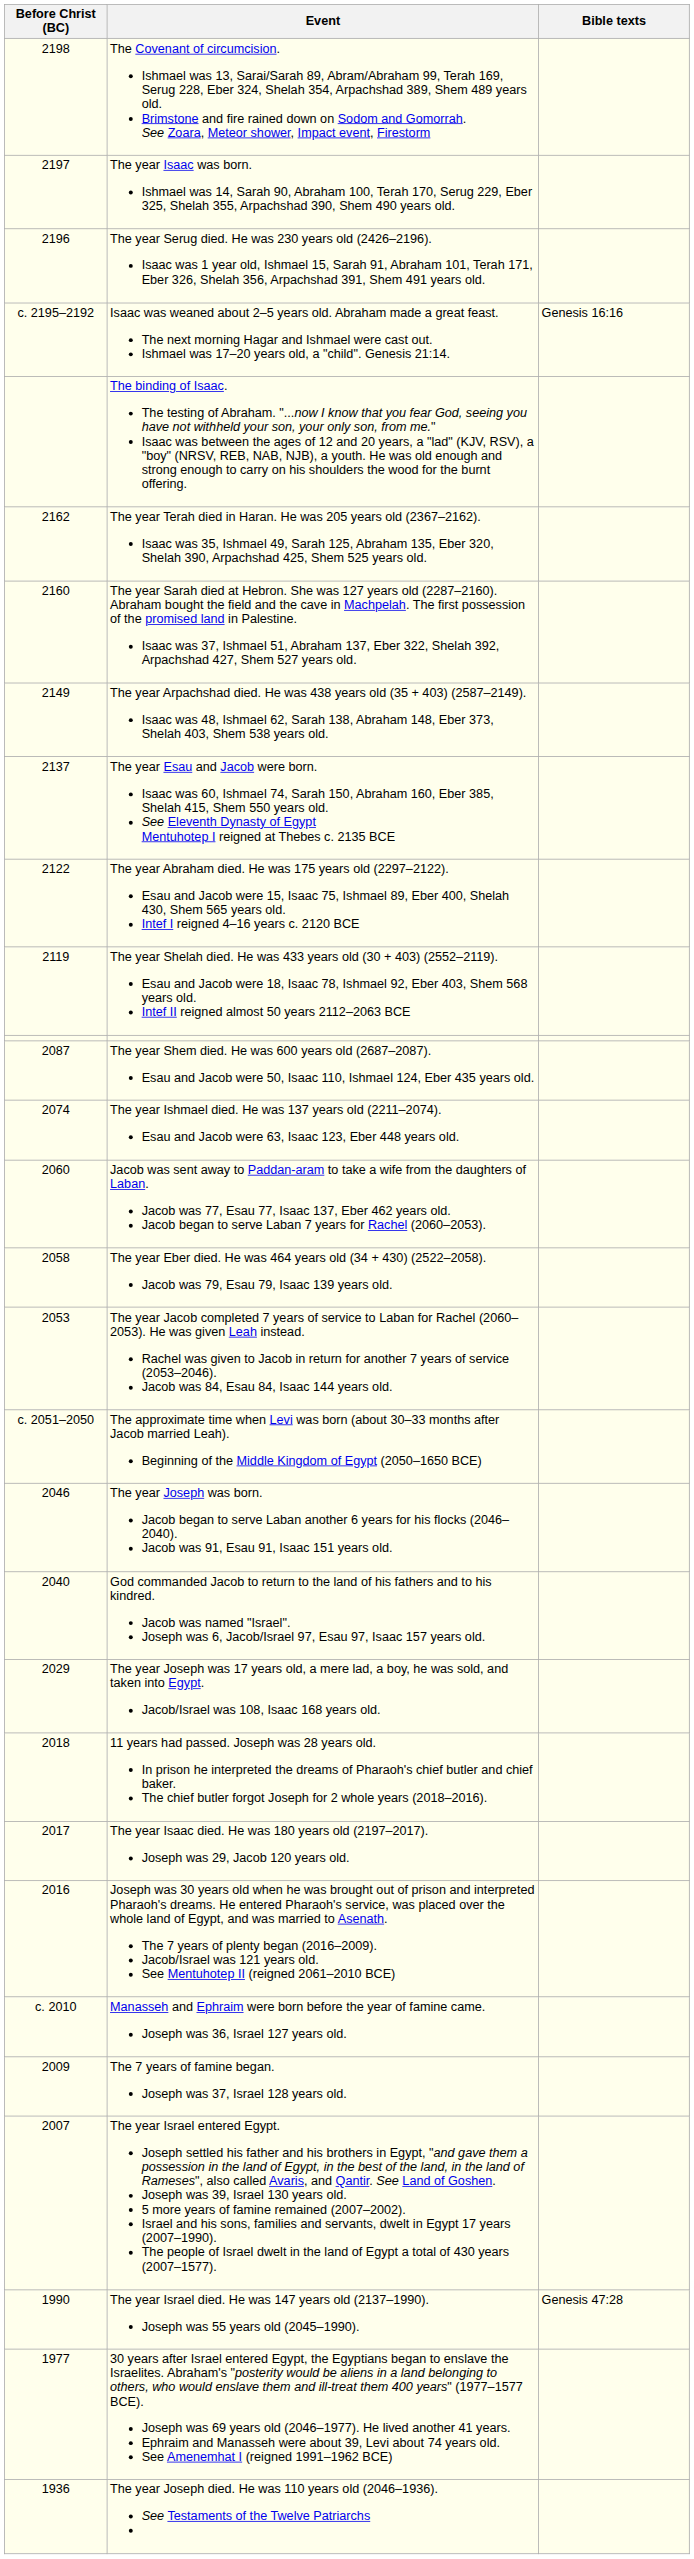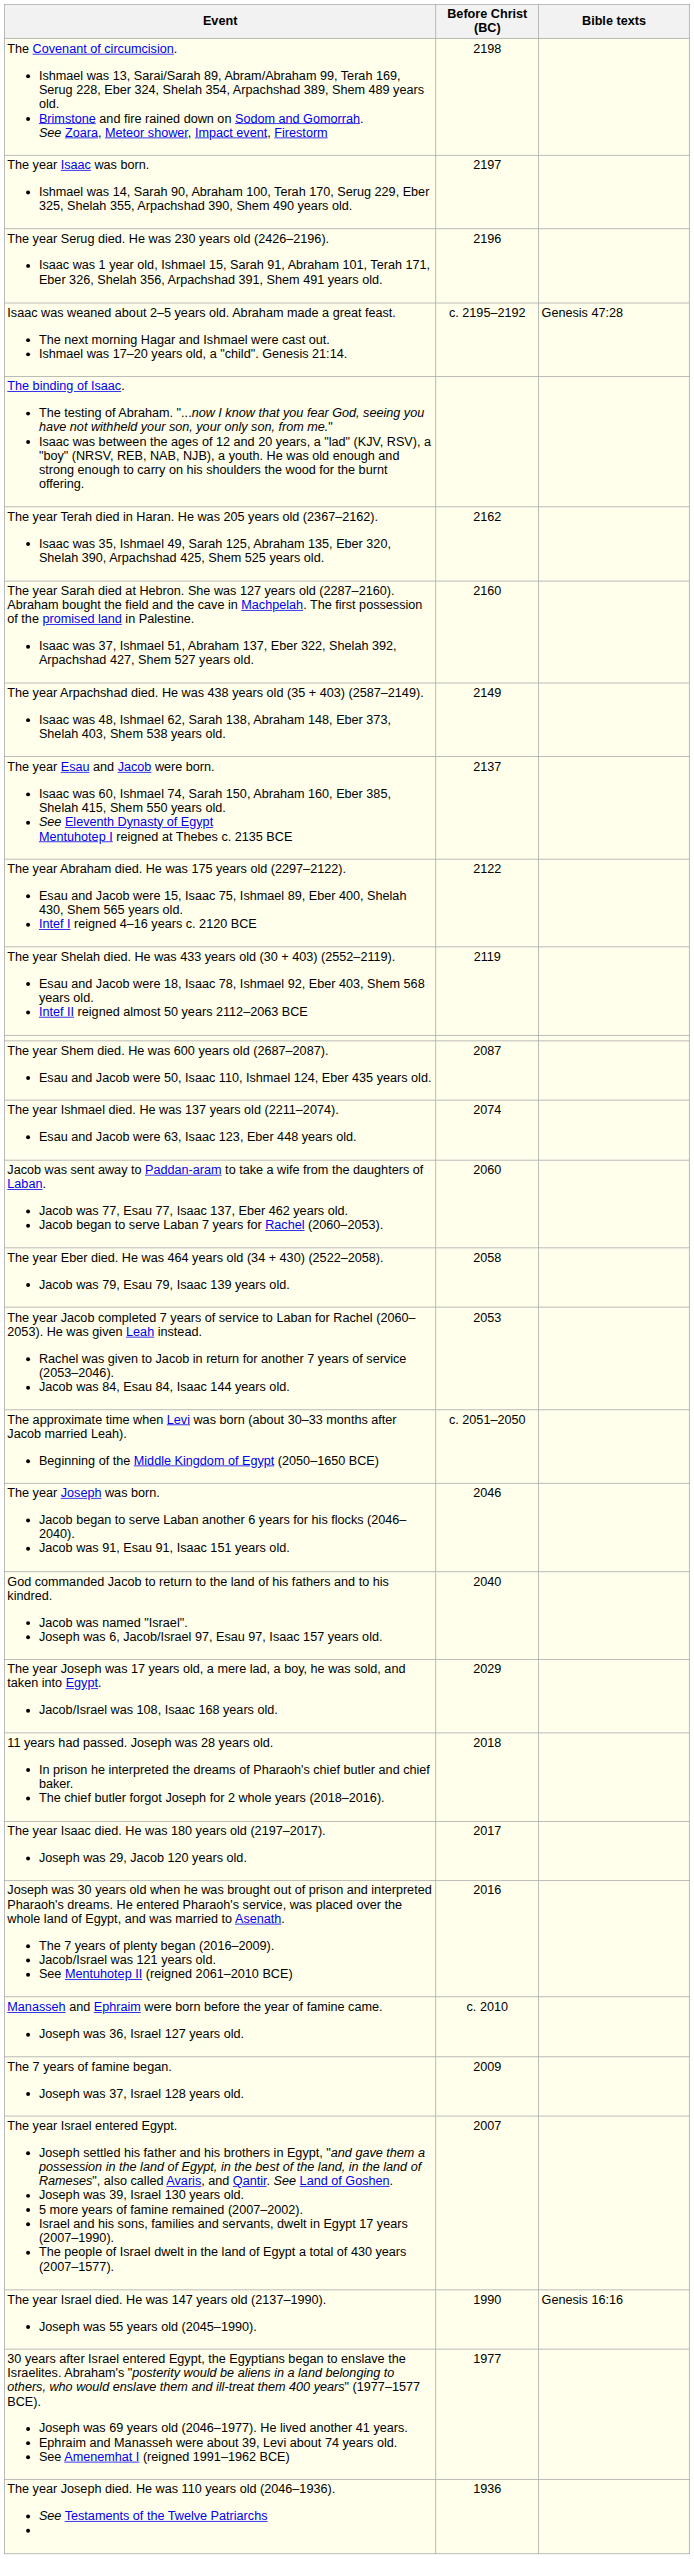 <table class="wikitable" style="align:center;">
 <tr>
+<th style="width:63%;">Event</th>
 <th style="width:15%;">Before Christ<br>(BC)</th>
-<th style="width:63%;">Event</th>
 <th style="width:22%;">Bible texts</th>
 </tr>
 <tr style="text-align:left; background:#ffffec; vertical-align:top;">
+<td>The <a href='#'>Covenant of circumcision</a>.<br><ul><li>Ishmael was 13, Sarai/Sarah 89, Abram/Abraham 99, Terah 169, Serug 228, Eber 324, Shelah 354, Arpachshad 389, Shem 489 years old.</li><li><a href='#'>Brimstone</a> and fire rained down on <a href='#'>Sodom and Gomorrah</a>. <br> <em>See</em> <a href='#'>Zoara</a>, <a href='#'>Meteor shower</a>, <a href='#'>Impact event</a>, <a href='#'>Firestorm</a></li></ul></td>
 <td style="text-align:center;">2198 <br> </td>
-<td>The <a href='#'>Covenant of circumcision</a>.<br><ul><li>Ishmael was 13, Sarai/Sarah 89, Abram/Abraham 99, Terah 169, Serug 228, Eber 324, Shelah 354, Arpachshad 389, Shem 489 years old.</li><li><a href='#'>Brimstone</a> and fire rained down on <a href='#'>Sodom and Gomorrah</a>. <br> <em>See</em> <a href='#'>Zoara</a>, <a href='#'>Meteor shower</a>, <a href='#'>Impact event</a>, <a href='#'>Firestorm</a></li></ul></td>
 <td></td>
 </tr>
 <tr style="text-align:left; background:#ffffec; vertical-align:top;">
+<td>The year <a href='#'>Isaac</a> was born.<br><ul><li>Ishmael was 14, Sarah 90, Abraham 100, Terah 170, Serug 229, Eber 325, Shelah 355, Arpachshad 390, Shem 490 years old.</li></ul></td>
 <td style="text-align:center;">2197 <br> </td>
-<td>The year <a href='#'>Isaac</a> was born.<br><ul><li>Ishmael was 14, Sarah 90, Abraham 100, Terah 170, Serug 229, Eber 325, Shelah 355, Arpachshad 390, Shem 490 years old.</li></ul></td>
 <td></td>
 </tr>
 <tr style="text-align:left; background:#ffffec; vertical-align:top;">
+<td>The year Serug died. He was 230 years old (2426–2196).<br><ul><li>Isaac was 1 year old, Ishmael 15, Sarah 91, Abraham 101, Terah 171, Eber 326, Shelah 356, Arpachshad 391, Shem 491 years old.</li></ul></td>
 <td style="text-align:center;">2196</td>
-<td>The year Serug died. He was 230 years old (2426–2196).<br><ul><li>Isaac was 1 year old, Ishmael 15, Sarah 91, Abraham 101, Terah 171, Eber 326, Shelah 356, Arpachshad 391, Shem 491 years old.</li></ul></td>
 <td></td>
 </tr>
 <tr style="text-align:left; background:#ffffec; vertical-align:top;">
+<td>Isaac was weaned about 2–5 years old. Abraham made a great feast.<br><ul><li>The next morning Hagar and Ishmael were cast out.</li><li>Ishmael was 17–20 years old, a "child". Genesis 21:14.</li></ul></td>
 <td style="text-align:center;">c. 2195–2192 <br> </td>
-<td>Isaac was weaned about 2–5 years old. Abraham made a great feast.<br><ul><li>The next morning Hagar and Ishmael were cast out.</li><li>Ishmael was 17–20 years old, a "child". Genesis 21:14.</li></ul></td>
+<td>Genesis 47:28</td>
+</tr>
+<tr style="text-align:left; background:#ffffec; vertical-align:top;">
+<td><a href='#'>The binding of Isaac</a>.<br><ul><li>The testing of Abraham. "...<em>now I know that you fear God, seeing you have not withheld your son, your only son, from me.</em>"</li><li>Isaac was between the ages of 12 and 20 years, a "lad" (KJV, RSV), a "boy" (NRSV, REB, NAB, NJB), a youth. He was old enough and strong enough to carry on his shoulders the wood for the burnt offering.</li></ul></td>
+<td style="text-align:center;"></td>
+<td></td>
+</tr>
+<tr style="text-align:left; background:#ffffec; vertical-align:top;">
+<td>The year Terah died in Haran. He was 205 years old (2367–2162).<br><ul><li>Isaac was 35, Ishmael 49, Sarah 125, Abraham 135, Eber 320, Shelah 390, Arpachshad 425, Shem 525 years old.</li></ul></td>
+<td style="text-align:center;">2162</td>
+<td></td>
+</tr>
+<tr style="text-align:left; background:#ffffec; vertical-align:top;">
+<td>The year Sarah died at Hebron. She was 127 years old (2287–2160). <br> Abraham bought the field and the cave in <a href='#'>Machpelah</a>. The first possession of the <a href='#'>promised land</a> in Palestine.<br><ul><li>Isaac was 37, Ishmael 51, Abraham 137, Eber 322, Shelah 392, Arpachshad 427, Shem 527 years old.</li></ul></td>
+<td style="text-align:center;">2160 <br> </td>
+<td> <br> </td>
+</tr>
+<tr style="text-align:left; background:#ffffec; vertical-align:top;">
+<td>The year Arpachshad died. He was 438 years old (35 + 403) (2587–2149).<br><ul><li>Isaac was 48, Ishmael 62, Sarah 138, Abraham 148, Eber 373, Shelah 403, Shem 538 years old.</li></ul></td>
+<td style="text-align:center;">2149</td>
+<td></td>
+</tr>
+<tr style="text-align:left; background:#ffffec; vertical-align:top;">
+<td>The year <a href='#'>Esau</a> and <a href='#'>Jacob</a> were born.<br><ul><li>Isaac was 60, Ishmael 74, Sarah 150, Abraham 160, Eber 385, Shelah 415, Shem 550 years old.</li><li><em>See</em> <a href='#'>Eleventh Dynasty of Egypt</a> <br> <a href='#'>Mentuhotep I</a> reigned at Thebes c. 2135 BCE</li></ul></td>
+<td style="text-align:center;">2137 <br> </td>
+<td></td>
+</tr>
+<tr style="text-align:left; background:#ffffec; vertical-align:top;">
+<td>The year Abraham died. He was 175 years old (2297–2122).<br><ul><li>Esau and Jacob were 15, Isaac 75, Ishmael 89, Eber 400, Shelah 430, Shem 565 years old.</li><li><a href='#'>Intef I</a> reigned 4–16 years c. 2120 BCE</li></ul></td>
+<td style="text-align:center;">2122 <br> </td>
+<td></td>
+</tr>
+<tr style="text-align:left; background:#ffffec; vertical-align:top;">
+<td>The year Shelah died. He was 433 years old (30 + 403) (2552–2119).<br><ul><li>Esau and Jacob were 18, Isaac 78, Ishmael 92, Eber 403, Shem 568 years old.</li><li><a href='#'>Intef II</a> reigned almost 50 years 2112–2063 BCE</li></ul></td>
+<td style="text-align:center;">2119</td>
+<td></td>
+</tr>
+<tr style="text-align:left; background:#ffffec; vertical-align:top;">
+<td></td>
+<td style="text-align:center;"></td>
+<td></td>
+</tr>
+<tr style="text-align:left; background:#ffffec; vertical-align:top;">
+<td>The year Shem died. He was 600 years old (2687–2087).<br><ul><li>Esau and Jacob were 50, Isaac 110, Ishmael 124, Eber 435 years old.</li></ul></td>
+<td style="text-align:center;">2087</td>
+<td></td>
+</tr>
+<tr style="text-align:left; background:#ffffec; vertical-align:top;">
+<td>The year Ishmael died. He was 137 years old (2211–2074).<br><ul><li>Esau and Jacob were 63, Isaac 123, Eber 448 years old.</li></ul></td>
+<td style="text-align:center;">2074</td>
+<td></td>
+</tr>
+<tr style="text-align:left; background:#ffffec; vertical-align:top;">
+<td>Jacob was sent away to <a href='#'>Paddan-aram</a> to take a wife from the daughters of <a href='#'>Laban</a>.<br><ul><li>Jacob was 77, Esau 77, Isaac 137, Eber 462 years old.</li><li>Jacob began to serve Laban 7 years for <a href='#'>Rachel</a> (2060–2053).</li></ul></td>
+<td style="text-align:center;">2060 <br> </td>
+<td> <br> </td>
+</tr>
+<tr style="text-align:left; background:#ffffec; vertical-align:top;">
+<td>The year Eber died. He was 464 years old (34 + 430) (2522–2058).<br><ul><li>Jacob was 79, Esau 79, Isaac 139 years old.</li></ul></td>
+<td style="text-align:center;">2058</td>
+<td></td>
+</tr>
+<tr style="text-align:left; background:#ffffec; vertical-align:top;">
+<td>The year Jacob completed 7 years of service to Laban for Rachel (2060–2053). He was given <a href='#'>Leah</a> instead.<br><ul><li>Rachel was given to Jacob in return for another 7 years of service (2053–2046).</li><li>Jacob was 84, Esau 84, Isaac 144 years old.</li></ul></td>
+<td style="text-align:center;">2053 <br> </td>
+<td></td>
+</tr>
+<tr style="text-align:left; background:#ffffec; vertical-align:top;">
+<td>The approximate time when <a href='#'>Levi</a> was born (about 30–33 months after Jacob married Leah).<br><ul><li>Beginning of the <a href='#'>Middle Kingdom of Egypt</a> (2050–1650 BCE)</li></ul></td>
+<td style="text-align:center;">c. 2051–2050</td>
+<td> <br> </td>
+</tr>
+<tr style="text-align:left; background:#ffffec; vertical-align:top;">
+<td>The year <a href='#'>Joseph</a> was born.<br><ul><li>Jacob began to serve Laban another 6 years for his flocks (2046–2040).</li><li>Jacob was 91, Esau 91, Isaac 151 years old.</li></ul></td>
+<td style="text-align:center;">2046 <br> </td>
+<td> <br> </td>
+</tr>
+<tr style="text-align:left; background:#ffffec; vertical-align:top;">
+<td>God commanded Jacob to return to the land of his fathers and to his kindred.<br><ul><li>Jacob was named "Israel".</li><li>Joseph was 6, Jacob/Israel 97, Esau 97, Isaac 157 years old.</li></ul></td>
+<td style="text-align:center;">2040 <br> </td>
+<td> <br> </td>
+</tr>
+<tr style="text-align:left; background:#ffffec; vertical-align:top;">
+<td>The year Joseph was 17 years old, a mere lad, a boy, he was sold, and taken into <a href='#'>Egypt</a>.<br><ul><li>Jacob/Israel was 108, Isaac 168 years old.</li></ul></td>
+<td style="text-align:center;">2029 <br> </td>
+<td></td>
+</tr>
+<tr style="text-align:left; background:#ffffec; vertical-align:top;">
+<td>11 years had passed. Joseph was 28 years old.<br><ul><li>In prison he interpreted the dreams of Pharaoh's chief butler and chief baker.</li><li>The chief butler forgot Joseph for 2 whole years (2018–2016).</li></ul></td>
+<td style="text-align:center;">2018 <br> </td>
+<td></td>
+</tr>
+<tr style="text-align:left; background:#ffffec; vertical-align:top;">
+<td>The year Isaac died. He was 180 years old (2197–2017).<br><ul><li>Joseph was 29, Jacob 120 years old.</li></ul></td>
+<td style="text-align:center;">2017</td>
+<td></td>
+</tr>
+<tr style="text-align:left; background:#ffffec; vertical-align:top;">
+<td>Joseph was 30 years old when he was brought out of prison and interpreted Pharaoh's dreams. He entered Pharaoh's service, was placed over the whole land of Egypt, and was married to <a href='#'>Asenath</a>.<br><ul><li>The 7 years of plenty began (2016–2009).</li><li>Jacob/Israel was 121 years old.</li><li>See <a href='#'>Mentuhotep II</a> (reigned 2061–2010 BCE)</li></ul></td>
+<td style="text-align:center;">2016 <br> </td>
+<td> <br> </td>
+</tr>
+<tr style="text-align:left; background:#ffffec; vertical-align:top;">
+<td><a href='#'>Manasseh</a> and <a href='#'>Ephraim</a> were born before the year of famine came.<br><ul><li>Joseph was 36, Israel 127 years old.</li></ul></td>
+<td style="text-align:center;">c. 2010</td>
+<td></td>
+</tr>
+<tr style="text-align:left; background:#ffffec; vertical-align:top;">
+<td>The 7 years of famine began.<br><ul><li>Joseph was 37, Israel 128 years old.</li></ul></td>
+<td style="text-align:center;">2009 <br> </td>
+<td></td>
+</tr>
+<tr style="text-align:left; background:#ffffec; vertical-align:top;">
+<td>The year Israel entered Egypt.<br><ul><li>Joseph settled his father and his brothers in Egypt, "<em>and gave them a possession in the land of Egypt, in the best of the land, in the land of Rameses</em>", also called <a href='#'>Avaris</a>, and <a href='#'>Qantir</a>. <em>See</em> <a href='#'>Land of Goshen</a>.</li><li>Joseph was 39, Israel 130 years old.</li><li>5 more years of famine remained (2007–2002).</li><li>Israel and his sons, families and servants, dwelt in Egypt 17 years (2007–1990).</li><li>The people of Israel dwelt in the land of Egypt a total of 430 years (2007–1577).</li></ul></td>
+<td style="text-align:center;">2007 <br> </td>
+<td> <br>  <br>  <br>  <br> </td>
+</tr>
+<tr style="text-align:left; background:#ffffec; vertical-align:top;">
+<td>The year Israel died. He was 147 years old (2137–1990).<br><ul><li>Joseph was 55 years old (2045–1990).</li></ul></td>
+<td style="text-align:center;">1990 <br> </td>
 <td>Genesis 16:16 <br> </td>
 </tr>
 <tr style="text-align:left; background:#ffffec; vertical-align:top;">
-<td style="text-align:center;"></td>
-<td><a href='#'>The binding of Isaac</a>.<br><ul><li>The testing of Abraham. "...<em>now I know that you fear God, seeing you have not withheld your son, your only son, from me.</em>"</li><li>Isaac was between the ages of 12 and 20 years, a "lad" (KJV, RSV), a "boy" (NRSV, REB, NAB, NJB), a youth. He was old enough and strong enough to carry on his shoulders the wood for the burnt offering.</li></ul></td>
-<td></td>
-</tr>
-<tr style="text-align:left; background:#ffffec; vertical-align:top;">
-<td style="text-align:center;">2162</td>
-<td>The year Terah died in Haran. He was 205 years old (2367–2162).<br><ul><li>Isaac was 35, Ishmael 49, Sarah 125, Abraham 135, Eber 320, Shelah 390, Arpachshad 425, Shem 525 years old.</li></ul></td>
-<td></td>
-</tr>
-<tr style="text-align:left; background:#ffffec; vertical-align:top;">
-<td style="text-align:center;">2160 <br> </td>
-<td>The year Sarah died at Hebron. She was 127 years old (2287–2160). <br> Abraham bought the field and the cave in <a href='#'>Machpelah</a>. The first possession of the <a href='#'>promised land</a> in Palestine.<br><ul><li>Isaac was 37, Ishmael 51, Abraham 137, Eber 322, Shelah 392, Arpachshad 427, Shem 527 years old.</li></ul></td>
+<td>30 years after Israel entered Egypt, the Egyptians began to enslave the Israelites. Abraham's "<em>posterity would be aliens in a land belonging to others, who would enslave them and ill-treat them 400 years</em>" (1977–1577 BCE).<br><ul><li>Joseph was 69 years old (2046–1977). He lived another 41 years.</li><li>Ephraim and Manasseh were about 39, Levi about 74 years old.</li><li>See <a href='#'>Amenemhat I</a> (reigned 1991–1962 BCE)</li></ul></td>
+<td style="text-align:center;">1977</td>
 <td> <br> </td>
 </tr>
 <tr style="text-align:left; background:#ffffec; vertical-align:top;">
-<td style="text-align:center;">2149</td>
-<td>The year Arpachshad died. He was 438 years old (35 + 403) (2587–2149).<br><ul><li>Isaac was 48, Ishmael 62, Sarah 138, Abraham 148, Eber 373, Shelah 403, Shem 538 years old.</li></ul></td>
-<td></td>
-</tr>
-<tr style="text-align:left; background:#ffffec; vertical-align:top;">
-<td style="text-align:center;">2137 <br> </td>
-<td>The year <a href='#'>Esau</a> and <a href='#'>Jacob</a> were born.<br><ul><li>Isaac was 60, Ishmael 74, Sarah 150, Abraham 160, Eber 385, Shelah 415, Shem 550 years old.</li><li><em>See</em> <a href='#'>Eleventh Dynasty of Egypt</a> <br> <a href='#'>Mentuhotep I</a> reigned at Thebes c. 2135 BCE</li></ul></td>
-<td></td>
-</tr>
-<tr style="text-align:left; background:#ffffec; vertical-align:top;">
-<td style="text-align:center;">2122 <br> </td>
-<td>The year Abraham died. He was 175 years old (2297–2122).<br><ul><li>Esau and Jacob were 15, Isaac 75, Ishmael 89, Eber 400, Shelah 430, Shem 565 years old.</li><li><a href='#'>Intef I</a> reigned 4–16 years c. 2120 BCE</li></ul></td>
-<td></td>
-</tr>
-<tr style="text-align:left; background:#ffffec; vertical-align:top;">
-<td style="text-align:center;">2119</td>
-<td>The year Shelah died. He was 433 years old (30 + 403) (2552–2119).<br><ul><li>Esau and Jacob were 18, Isaac 78, Ishmael 92, Eber 403, Shem 568 years old.</li><li><a href='#'>Intef II</a> reigned almost 50 years 2112–2063 BCE</li></ul></td>
-<td></td>
-</tr>
-<tr style="text-align:left; background:#ffffec; vertical-align:top;">
-<td style="text-align:center;"></td>
-<td></td>
-<td></td>
-</tr>
-<tr style="text-align:left; background:#ffffec; vertical-align:top;">
-<td style="text-align:center;">2087</td>
-<td>The year Shem died. He was 600 years old (2687–2087).<br><ul><li>Esau and Jacob were 50, Isaac 110, Ishmael 124, Eber 435 years old.</li></ul></td>
-<td></td>
-</tr>
-<tr style="text-align:left; background:#ffffec; vertical-align:top;">
-<td style="text-align:center;">2074</td>
-<td>The year Ishmael died. He was 137 years old (2211–2074).<br><ul><li>Esau and Jacob were 63, Isaac 123, Eber 448 years old.</li></ul></td>
-<td></td>
-</tr>
-<tr style="text-align:left; background:#ffffec; vertical-align:top;">
-<td style="text-align:center;">2060 <br> </td>
-<td>Jacob was sent away to <a href='#'>Paddan-aram</a> to take a wife from the daughters of <a href='#'>Laban</a>.<br><ul><li>Jacob was 77, Esau 77, Isaac 137, Eber 462 years old.</li><li>Jacob began to serve Laban 7 years for <a href='#'>Rachel</a> (2060–2053).</li></ul></td>
-<td> <br> </td>
-</tr>
-<tr style="text-align:left; background:#ffffec; vertical-align:top;">
-<td style="text-align:center;">2058</td>
-<td>The year Eber died. He was 464 years old (34 + 430) (2522–2058).<br><ul><li>Jacob was 79, Esau 79, Isaac 139 years old.</li></ul></td>
-<td></td>
-</tr>
-<tr style="text-align:left; background:#ffffec; vertical-align:top;">
-<td style="text-align:center;">2053 <br> </td>
-<td>The year Jacob completed 7 years of service to Laban for Rachel (2060–2053). He was given <a href='#'>Leah</a> instead.<br><ul><li>Rachel was given to Jacob in return for another 7 years of service (2053–2046).</li><li>Jacob was 84, Esau 84, Isaac 144 years old.</li></ul></td>
-<td></td>
-</tr>
-<tr style="text-align:left; background:#ffffec; vertical-align:top;">
-<td style="text-align:center;">c. 2051–2050</td>
-<td>The approximate time when <a href='#'>Levi</a> was born (about 30–33 months after Jacob married Leah).<br><ul><li>Beginning of the <a href='#'>Middle Kingdom of Egypt</a> (2050–1650 BCE)</li></ul></td>
-<td> <br> </td>
-</tr>
-<tr style="text-align:left; background:#ffffec; vertical-align:top;">
-<td style="text-align:center;">2046 <br> </td>
-<td>The year <a href='#'>Joseph</a> was born.<br><ul><li>Jacob began to serve Laban another 6 years for his flocks (2046–2040).</li><li>Jacob was 91, Esau 91, Isaac 151 years old.</li></ul></td>
-<td> <br> </td>
-</tr>
-<tr style="text-align:left; background:#ffffec; vertical-align:top;">
-<td style="text-align:center;">2040 <br> </td>
-<td>God commanded Jacob to return to the land of his fathers and to his kindred.<br><ul><li>Jacob was named "Israel".</li><li>Joseph was 6, Jacob/Israel 97, Esau 97, Isaac 157 years old.</li></ul></td>
-<td> <br> </td>
-</tr>
-<tr style="text-align:left; background:#ffffec; vertical-align:top;">
-<td style="text-align:center;">2029 <br> </td>
-<td>The year Joseph was 17 years old, a mere lad, a boy, he was sold, and taken into <a href='#'>Egypt</a>.<br><ul><li>Jacob/Israel was 108, Isaac 168 years old.</li></ul></td>
-<td></td>
-</tr>
-<tr style="text-align:left; background:#ffffec; vertical-align:top;">
-<td style="text-align:center;">2018 <br> </td>
-<td>11 years had passed. Joseph was 28 years old.<br><ul><li>In prison he interpreted the dreams of Pharaoh's chief butler and chief baker.</li><li>The chief butler forgot Joseph for 2 whole years (2018–2016).</li></ul></td>
-<td></td>
-</tr>
-<tr style="text-align:left; background:#ffffec; vertical-align:top;">
-<td style="text-align:center;">2017</td>
-<td>The year Isaac died. He was 180 years old (2197–2017).<br><ul><li>Joseph was 29, Jacob 120 years old.</li></ul></td>
-<td></td>
-</tr>
-<tr style="text-align:left; background:#ffffec; vertical-align:top;">
-<td style="text-align:center;">2016 <br> </td>
-<td>Joseph was 30 years old when he was brought out of prison and interpreted Pharaoh's dreams. He entered Pharaoh's service, was placed over the whole land of Egypt, and was married to <a href='#'>Asenath</a>.<br><ul><li>The 7 years of plenty began (2016–2009).</li><li>Jacob/Israel was 121 years old.</li><li>See <a href='#'>Mentuhotep II</a> (reigned 2061–2010 BCE)</li></ul></td>
-<td> <br> </td>
-</tr>
-<tr style="text-align:left; background:#ffffec; vertical-align:top;">
-<td style="text-align:center;">c. 2010</td>
-<td><a href='#'>Manasseh</a> and <a href='#'>Ephraim</a> were born before the year of famine came.<br><ul><li>Joseph was 36, Israel 127 years old.</li></ul></td>
-<td></td>
-</tr>
-<tr style="text-align:left; background:#ffffec; vertical-align:top;">
-<td style="text-align:center;">2009 <br> </td>
-<td>The 7 years of famine began.<br><ul><li>Joseph was 37, Israel 128 years old.</li></ul></td>
-<td></td>
-</tr>
-<tr style="text-align:left; background:#ffffec; vertical-align:top;">
-<td style="text-align:center;">2007 <br> </td>
-<td>The year Israel entered Egypt.<br><ul><li>Joseph settled his father and his brothers in Egypt, "<em>and gave them a possession in the land of Egypt, in the best of the land, in the land of Rameses</em>", also called <a href='#'>Avaris</a>, and <a href='#'>Qantir</a>. <em>See</em> <a href='#'>Land of Goshen</a>.</li><li>Joseph was 39, Israel 130 years old.</li><li>5 more years of famine remained (2007–2002).</li><li>Israel and his sons, families and servants, dwelt in Egypt 17 years (2007–1990).</li><li>The people of Israel dwelt in the land of Egypt a total of 430 years (2007–1577).</li></ul></td>
-<td> <br>  <br>  <br>  <br> </td>
-</tr>
-<tr style="text-align:left; background:#ffffec; vertical-align:top;">
-<td style="text-align:center;">1990 <br> </td>
-<td>The year Israel died. He was 147 years old (2137–1990).<br><ul><li>Joseph was 55 years old (2045–1990).</li></ul></td>
-<td>Genesis 47:28</td>
-</tr>
-<tr style="text-align:left; background:#ffffec; vertical-align:top;">
-<td style="text-align:center;">1977</td>
-<td>30 years after Israel entered Egypt, the Egyptians began to enslave the Israelites. Abraham's "<em>posterity would be aliens in a land belonging to others, who would enslave them and ill-treat them 400 years</em>" (1977–1577 BCE).<br><ul><li>Joseph was 69 years old (2046–1977). He lived another 41 years.</li><li>Ephraim and Manasseh were about 39, Levi about 74 years old.</li><li>See <a href='#'>Amenemhat I</a> (reigned 1991–1962 BCE)</li></ul></td>
-<td> <br> </td>
-</tr>
-<tr style="text-align:left; background:#ffffec; vertical-align:top;">
+<td>The year Joseph died. He was 110 years old (2046–1936).<br><ul><li><em>See</em> <a href='#'>Testaments of the Twelve Patriarchs</a></li><li></li></ul></td>
 <td style="text-align:center;">1936 <br> </td>
-<td>The year Joseph died. He was 110 years old (2046–1936).<br><ul><li><em>See</em> <a href='#'>Testaments of the Twelve Patriarchs</a></li><li></li></ul></td>
 <td></td>
 </tr>
 </table>
